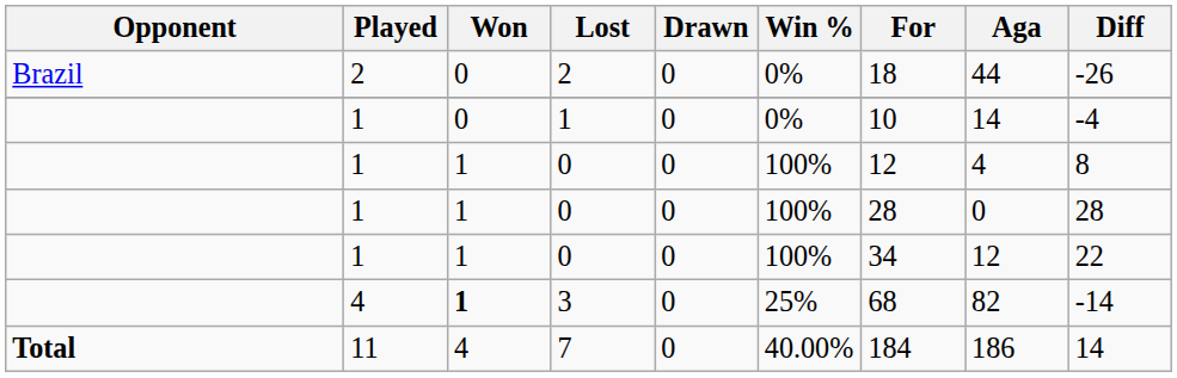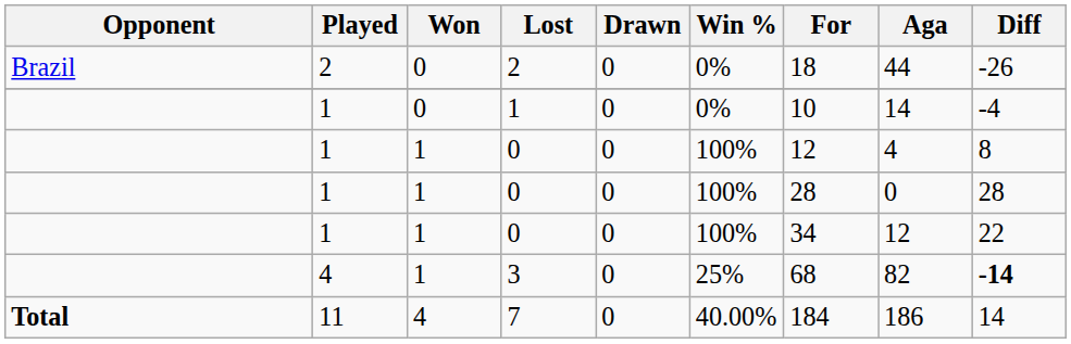 <table class="wikitable sortable" style="font-size:100%">
 <tr>
 <th style="width:180px;">Opponent</th>
 <th style="width:50px;">Played</th>
 <th style="width:50px;">Won</th>
 <th style="width:50px;">Lost</th>
 <th style="width:50px;">Drawn</th>
 <th style="width:50px;">Win %</th>
 <th style="width:50px;">For</th>
 <th style="width:50px;">Aga</th>
 <th style="width:50px;">Diff</th>
 </tr>
 <tr>
 <td> <a href='#'>Brazil</a></td>
 <td>2</td>
 <td>0</td>
 <td>2</td>
 <td>0</td>
 <td>0%</td>
 <td>18</td>
 <td>44</td>
 <td>-26</td>
 </tr>
 <tr>
 </tr>
 <tr>
 <td style="text-align:left;"></td>
 <td>1</td>
 <td>0</td>
 <td>1</td>
 <td>0</td>
 <td>0%</td>
 <td>10</td>
 <td>14</td>
 <td>-4</td>
 </tr>
 <tr>
 <td style="text-align:left;"></td>
 <td>1</td>
 <td>1</td>
 <td>0</td>
 <td>0</td>
 <td>100%</td>
 <td>12</td>
 <td>4</td>
 <td>8</td>
 </tr>
 <tr>
 <td style="text-align:left;"></td>
 <td>1</td>
 <td>1</td>
 <td>0</td>
 <td>0</td>
 <td>100%</td>
 <td>28</td>
 <td>0</td>
 <td>28</td>
 </tr>
 <tr>
 <td></td>
 <td>1</td>
 <td>1</td>
 <td>0</td>
 <td>0</td>
 <td>100%</td>
 <td>34</td>
 <td>12</td>
 <td>22</td>
 </tr>
 <tr>
 <td></td>
 <td>4</td>
-<td><strong>1</strong></td>
+<td>1</td>
 <td>3</td>
 <td>0</td>
 <td>25%</td>
 <td>68</td>
 <td>82</td>
-<td>-14</td>
+<td><strong>-14</strong></td>
 </tr>
 <tr>
 <td style="text-align:left;"><strong>Total</strong></td>
 <td>11</td>
 <td>4</td>
 <td>7</td>
 <td>0</td>
 <td>40.00%</td>
 <td>184</td>
 <td>186</td>
 <td>14</td>
 </tr>
 </table>
